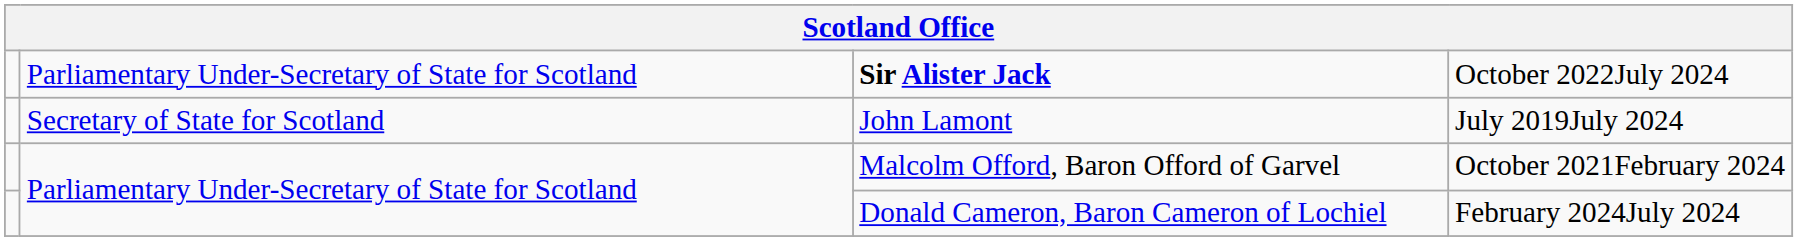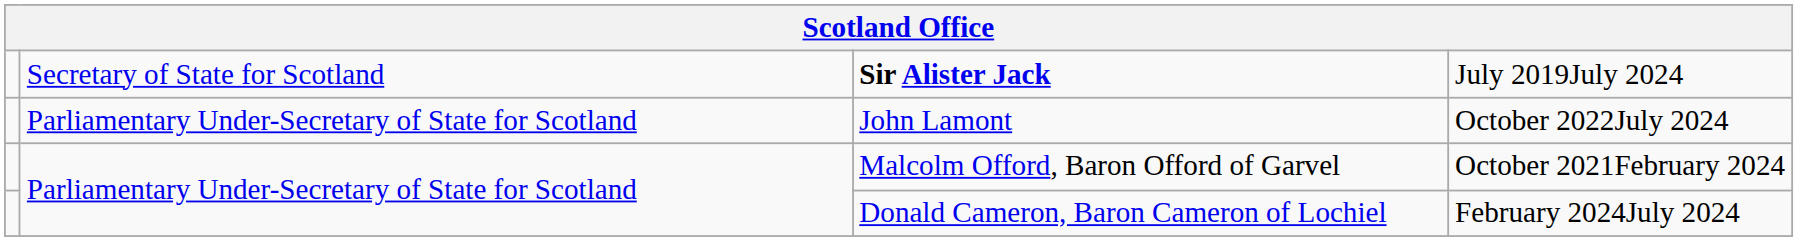 <table class="wikitable">
 <tr>
 <th colspan="4"><a href='#'>Scotland Office</a></th>
 </tr>
 <tr>
 <td style="width: 1px; background: "></td>
-<td rowspan="1" style="width: 450px;"><a href='#'>Parliamentary Under-Secretary of State for Scotland</a></td>
+<td style="width: 450px;"><a href='#'>Secretary of State for Scotland</a></td>
 <td style="width: 320px;"><strong>Sir <a href='#'>Alister Jack</a></strong></td>
-<td>October 2022July 2024</td>
+<td>July 2019July 2024</td>
 </tr>
 <tr>
 <td rowspan="1" style="width: 1px; background: "></td>
-<td style="width: 450px;"><a href='#'>Secretary of State for Scotland</a></td>
+<td rowspan="1" style="width: 450px;"><a href='#'>Parliamentary Under-Secretary of State for Scotland</a></td>
 <td><a href='#'>John Lamont</a></td>
-<td>July 2019July 2024</td>
+<td>October 2022July 2024</td>
 </tr>
 <tr>
 <td rowspan=1 style="width: 1px; background: "></td>
 <td rowspan=2><a href='#'>Parliamentary Under-Secretary of State for Scotland</a></td>
 <td><a href='#'>Malcolm Offord</a>, Baron Offord of Garvel </td>
 <td>October 2021February 2024</td>
 </tr>
 <tr>
 <td rowspan=1 style="width: 1px; Background: "></td>
 <td><a href='#'>Donald Cameron, Baron Cameron of Lochiel</a></td>
 <td>February 2024July 2024</td>
 </tr>
 </table>
